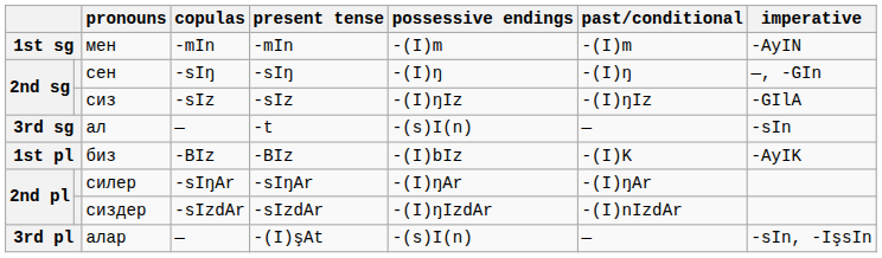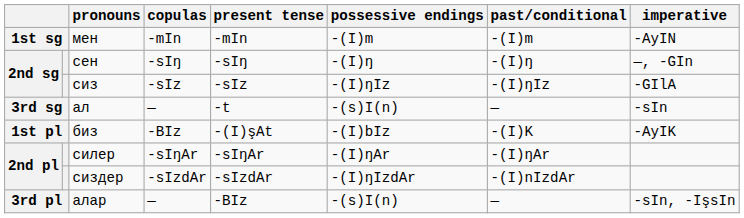 <table class="wikitable">
 <tr>
 <th colspan="2"></th>
 <th>pronouns</th>
 <th>copulas</th>
 <th>present tense</th>
 <th>possessive endings</th>
 <th>past/conditional</th>
 <th>imperative</th>
 </tr>
 <tr>
 <th colspan="2">1st sg</th>
 <td>мен</td>
 <td>-mIn</td>
 <td>-mIn</td>
 <td>-(I)m</td>
 <td>-(I)m</td>
 <td>-AyIN</td>
 </tr>
 <tr>
 <th rowspan="2">2nd sg</th>
 <th></th>
 <td>сен</td>
 <td>-sIŋ</td>
 <td>-sIŋ</td>
 <td>-(I)ŋ</td>
 <td>-(I)ŋ</td>
 <td>—, -GIn</td>
 </tr>
 <tr>
 <th></th>
 <td>сиз</td>
 <td>-sIz</td>
 <td>-sIz</td>
 <td>-(I)ŋIz</td>
 <td>-(I)ŋIz</td>
 <td>-GIlA</td>
 </tr>
 <tr>
 <th colspan="2">3rd sg</th>
 <td>ал</td>
 <td>—</td>
 <td>-t</td>
 <td>-(s)I(n)</td>
 <td>—</td>
 <td>-sIn</td>
 </tr>
 <tr>
 <th colspan="2">1st pl</th>
 <td>биз</td>
 <td>-BIz</td>
-<td>-BIz</td>
+<td>-(I)şAt</td>
 <td>-(I)bIz</td>
 <td>-(I)K</td>
 <td>-AyIK</td>
 </tr>
 <tr>
 <th rowspan="2">2nd pl</th>
 <th></th>
 <td>силер</td>
 <td>-sIŋAr</td>
 <td>-sIŋAr</td>
 <td>-(I)ŋAr</td>
 <td>-(I)ŋAr</td>
 <td></td>
 </tr>
 <tr>
 <th></th>
 <td>сиздер</td>
 <td>-sIzdAr</td>
 <td>-sIzdAr</td>
 <td>-(I)ŋIzdAr</td>
 <td>-(I)nIzdAr</td>
 <td></td>
 </tr>
 <tr>
 <th colspan="2">3rd pl</th>
 <td>алар</td>
 <td>—</td>
-<td>-(I)şAt</td>
+<td>-BIz</td>
 <td>-(s)I(n)</td>
 <td>—</td>
 <td>-sIn, -IşsIn</td>
 </tr>
 </table>
